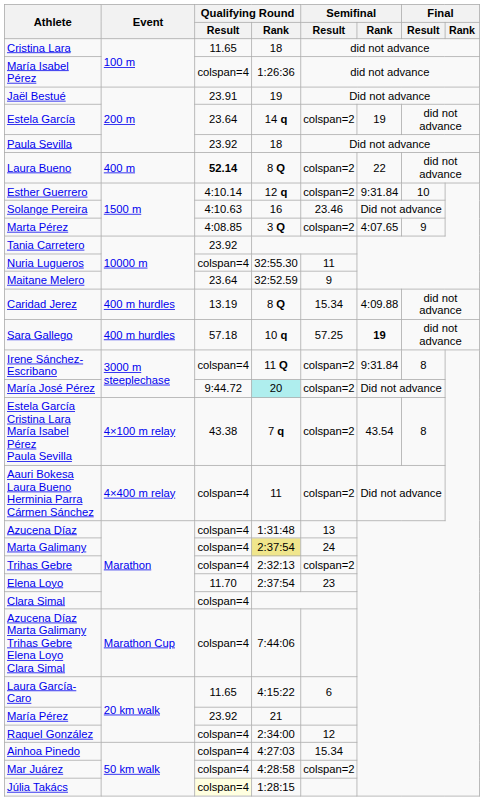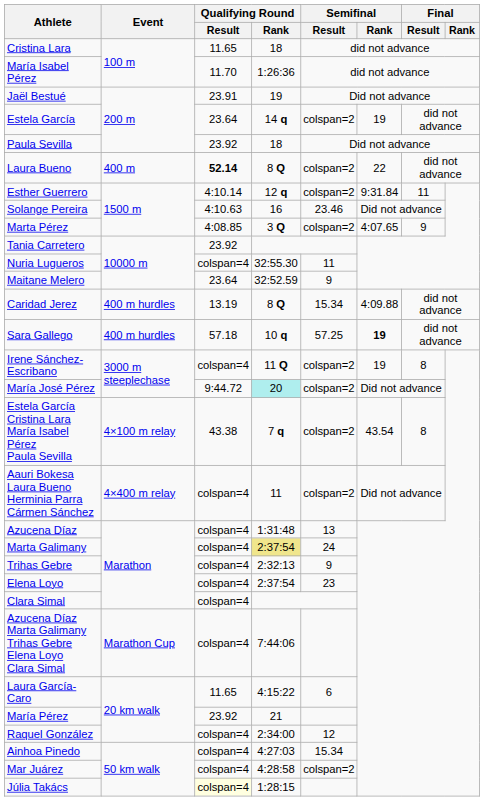 <table class="wikitable" style="font-size:90%">
 <tr>
 <th rowspan="2">Athlete</th>
 <th rowspan="2">Event</th>
 <th colspan="2">Qualifying Round</th>
 <th colspan="2">Semifinal</th>
 <th colspan="2">Final</th>
 </tr>
 <tr style="font-size:95%">
 <th>Result</th>
 <th>Rank</th>
 <th>Result</th>
 <th>Rank</th>
 <th>Result</th>
 <th>Rank</th>
 </tr>
 <tr align=center>
 <td align=left><a href='#'>Cristina Lara</a></td>
 <td align=left rowspan=2><a href='#'>100 m</a></td>
 <td>11.65</td>
 <td>18</td>
 <td colspan=4>did not advance</td>
 </tr>
 <tr align=center>
 <td align=left><a href='#'>María Isabel Pérez</a></td>
-<td>colspan=4 </td>
+<td>11.70</td>
 <td>1:26:36</td>
 <td colspan=4>did not advance</td>
 </tr>
 <tr align=center>
 <td align=left><a href='#'>Jaël Bestué</a></td>
 <td align=left rowspan=3><a href='#'>200 m</a></td>
 <td>23.91</td>
 <td>19</td>
 <td colspan="4">Did not advance</td>
 </tr>
 <tr align=center>
 <td align=left><a href='#'>Estela García</a></td>
 <td>23.64</td>
 <td>14 <strong>q</strong></td>
 <td>colspan=2 </td>
 <td>19</td>
 <td colspan=2>did not advance</td>
 </tr>
 <tr align=center>
 <td align=left><a href='#'>Paula Sevilla</a></td>
 <td>23.92</td>
 <td>18</td>
 <td colspan="4">Did not advance</td>
 </tr>
 <tr align=center>
 <td align=left><a href='#'>Laura Bueno</a></td>
 <td align=left><a href='#'>400 m</a></td>
 <td><strong>52.14</strong></td>
 <td>8 <strong>Q</strong></td>
 <td>colspan=2 </td>
 <td>22</td>
 <td colspan=2>did not advance</td>
 </tr>
 <tr align=center>
 <td align=left><a href='#'>Esther Guerrero</a></td>
 <td align=left rowspan=3><a href='#'>1500 m</a></td>
 <td>4:10.14</td>
 <td>12 <strong>q</strong></td>
 <td>colspan=2 </td>
 <td>9:31.84</td>
-<td>10</td>
+<td>11</td>
 </tr>
 <tr align=center>
 <td align=left><a href='#'>Solange Pereira</a></td>
 <td>4:10.63</td>
 <td>16</td>
 <td>23.46</td>
 <td colspan="2">Did not advance</td>
 </tr>
 <tr align=center>
 <td align=left><a href='#'>Marta Pérez</a></td>
 <td>4:08.85</td>
 <td>3 <strong>Q</strong></td>
 <td>colspan=2 </td>
 <td>4:07.65</td>
 <td>9</td>
 </tr>
 <tr align=center>
 <td align=left><a href='#'>Tania Carretero</a></td>
 <td align=left rowspan=3><a href='#'>10000 m</a></td>
 <td>23.92</td>
 <td colspan=2></td>
 </tr>
 <tr align=center>
 <td align=left><a href='#'>Nuria Lugueros</a></td>
 <td>colspan=4 </td>
 <td>32:55.30</td>
 <td>11</td>
 </tr>
 <tr align=center>
 <td align=left><a href='#'>Maitane Melero</a></td>
 <td>23.64</td>
 <td>32:52.59</td>
 <td>9</td>
 </tr>
 <tr align=center>
 <td align=left><a href='#'>Caridad Jerez</a></td>
 <td align=left><a href='#'>400 m hurdles</a></td>
 <td>13.19</td>
 <td>8 <strong>Q</strong></td>
 <td>15.34</td>
 <td>4:09.88</td>
 <td colspan=2>did not advance</td>
 </tr>
 <tr align=center>
 <td align=left><a href='#'>Sara Gallego</a></td>
 <td align=left><a href='#'>400 m hurdles</a></td>
 <td>57.18</td>
 <td>10 <strong>q</strong></td>
 <td>57.25</td>
 <td><strong>19</strong></td>
 <td colspan=2>did not advance</td>
 </tr>
 <tr align=center>
 <td align=left><a href='#'>Irene Sánchez-Escribano</a></td>
 <td align=left rowspan=2><a href='#'>3000 m steeplechase</a></td>
 <td>colspan=4 </td>
 <td>11 <strong>Q</strong></td>
 <td>colspan=2 </td>
-<td>9:31.84</td>
+<td>19</td>
 <td>8</td>
 </tr>
 <tr align=center>
 <td align=left><a href='#'>María José Pérez</a></td>
 <td>9:44.72</td>
 <td style="background: paleturquoise;">20</td>
 <td>colspan=2 </td>
 <td colspan="2">Did not advance</td>
 </tr>
 <tr align=center>
 <td align=left><a href='#'>Estela García</a><br><a href='#'>Cristina Lara</a><br><a href='#'>María Isabel Pérez</a><br><a href='#'>Paula Sevilla</a></td>
 <td align=left><a href='#'>4×100 m relay</a></td>
 <td>43.38</td>
 <td>7 <strong>q</strong></td>
 <td>colspan=2 </td>
 <td>43.54</td>
 <td>8</td>
 </tr>
 <tr align=center>
 <td align=left><a href='#'>Aauri Bokesa</a><br><a href='#'>Laura Bueno</a><br><a href='#'>Herminia Parra</a><br><a href='#'>Cármen Sánchez</a></td>
 <td align=left><a href='#'>4×400 m relay</a></td>
 <td>colspan=4 </td>
 <td>11</td>
 <td>colspan=2 </td>
 <td colspan="2">Did not advance</td>
 </tr>
 <tr align=center>
 <td align=left><a href='#'>Azucena Díaz</a></td>
 <td align=left rowspan=5><a href='#'>Marathon</a></td>
 <td>colspan=4 </td>
 <td>1:31:48</td>
 <td>13</td>
 </tr>
 <tr align=center>
 <td align=left><a href='#'>Marta Galimany</a></td>
 <td>colspan=4 </td>
 <td style="background: khaki;">2:37:54</td>
 <td>24</td>
 </tr>
 <tr align=center>
 <td align=left><a href='#'>Trihas Gebre</a></td>
 <td>colspan=4 </td>
 <td>2:32:13</td>
-<td>colspan=2 </td>
+<td>9</td>
 </tr>
 <tr align=center>
 <td align=left><a href='#'>Elena Loyo</a></td>
-<td>11.70</td>
+<td>colspan=4 </td>
 <td>2:37:54</td>
 <td>23</td>
 </tr>
 <tr align=center>
 <td align=left><a href='#'>Clara Simal</a></td>
 <td>colspan=4 </td>
 <td colspan=2></td>
 </tr>
 <tr align=center>
 <td align=left><a href='#'>Azucena Díaz</a><br><a href='#'>Marta Galimany</a><br><a href='#'>Trihas Gebre</a><br><a href='#'>Elena Loyo</a><br><a href='#'>Clara Simal</a></td>
 <td align=left><a href='#'>Marathon Cup</a></td>
 <td>colspan=4 </td>
 <td>7:44:06</td>
 <td></td>
 </tr>
 <tr align=center>
 <td align=left><a href='#'>Laura García-Caro</a></td>
 <td align=left rowspan=3><a href='#'>20 km walk</a></td>
 <td>11.65</td>
 <td>4:15:22</td>
 <td>6</td>
 </tr>
 <tr align=center>
 <td align=left><a href='#'>María Pérez</a></td>
 <td>23.92</td>
 <td>21</td>
 <td></td>
 </tr>
 <tr align=center>
 <td align=left><a href='#'>Raquel González</a></td>
 <td>colspan=4 </td>
 <td>2:34:00</td>
 <td>12</td>
 </tr>
 <tr align=center>
 <td align=left><a href='#'>Ainhoa Pinedo</a></td>
 <td align=left rowspan=3><a href='#'>50 km walk</a></td>
 <td>colspan=4 </td>
 <td>4:27:03</td>
 <td>15.34</td>
 </tr>
 <tr align=center>
 <td align=left><a href='#'>Mar Juárez</a></td>
 <td>colspan=4 </td>
 <td>4:28:58</td>
 <td>colspan=2 </td>
 </tr>
 <tr align=center>
 <td align=left><a href='#'>Júlia Takács</a></td>
 <td style="background: lightyellow;">colspan=4 </td>
 <td>1:28:15</td>
 <td></td>
 </tr>
 </table>
